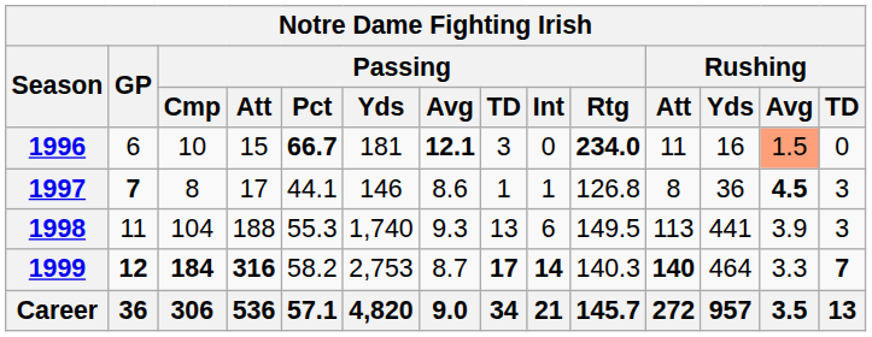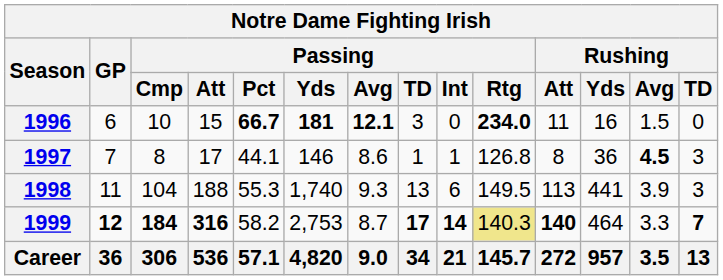 <table class="wikitable" style="text-align:center;">
 <tr>
 <th colspan="17">Notre Dame Fighting Irish</th>
 </tr>
 <tr>
 <th rowspan="2">Season</th>
 <th rowspan="2">GP</th>
 <th colspan="8">Passing</th>
 <th colspan="4">Rushing</th>
 </tr>
 <tr>
 <th>Cmp</th>
 <th>Att</th>
 <th>Pct</th>
 <th>Yds</th>
 <th>Avg</th>
 <th>TD</th>
 <th>Int</th>
 <th>Rtg</th>
 <th>Att</th>
 <th>Yds</th>
 <th>Avg</th>
 <th>TD</th>
 </tr>
 <tr>
 <th><a href='#'>1996</a></th>
 <td>6</td>
 <td>10</td>
 <td>15</td>
 <td><strong>66.7</strong></td>
-<td>181</td>
+<td><strong>181</strong></td>
 <td><strong>12.1</strong></td>
 <td>3</td>
 <td>0</td>
 <td><strong>234.0</strong></td>
 <td>11</td>
 <td>16</td>
-<td style="background: lightsalmon;">1.5</td>
+<td>1.5</td>
 <td>0</td>
 </tr>
 <tr>
 <th><a href='#'>1997</a></th>
-<td><strong>7</strong></td>
+<td>7</td>
 <td>8</td>
 <td>17</td>
 <td>44.1</td>
 <td>146</td>
 <td>8.6</td>
 <td>1</td>
 <td>1</td>
 <td>126.8</td>
 <td>8</td>
 <td>36</td>
 <td><strong>4.5</strong></td>
 <td>3</td>
 </tr>
 <tr>
 <th><a href='#'>1998</a></th>
 <td>11</td>
 <td>104</td>
 <td>188</td>
 <td>55.3</td>
 <td>1,740</td>
 <td>9.3</td>
 <td>13</td>
 <td>6</td>
 <td>149.5</td>
 <td>113</td>
 <td>441</td>
 <td>3.9</td>
 <td>3</td>
 </tr>
 <tr>
 <th><a href='#'>1999</a></th>
 <td><strong>12</strong></td>
 <td><strong>184</strong></td>
 <td><strong>316</strong></td>
 <td>58.2</td>
 <td>2,753</td>
 <td>8.7</td>
 <td><strong>17</strong></td>
 <td><strong>14</strong></td>
-<td>140.3</td>
+<td style="background: khaki;">140.3</td>
 <td><strong>140</strong></td>
 <td>464</td>
 <td>3.3</td>
 <td><strong>7</strong></td>
 </tr>
 <tr>
 <th>Career</th>
 <th>36</th>
 <th>306</th>
 <th>536</th>
 <th>57.1</th>
 <th>4,820</th>
 <th>9.0</th>
 <th>34</th>
 <th>21</th>
 <th>145.7</th>
 <th>272</th>
 <th>957</th>
 <th>3.5</th>
 <th>13</th>
 </tr>
 </table>
